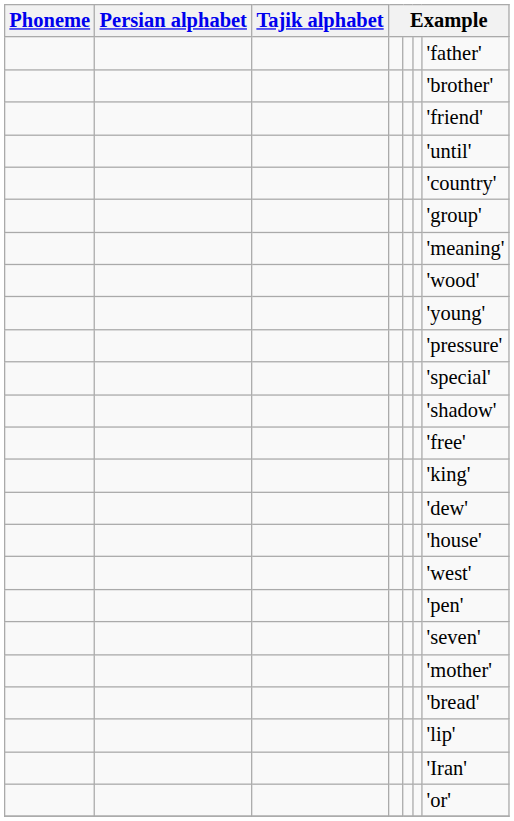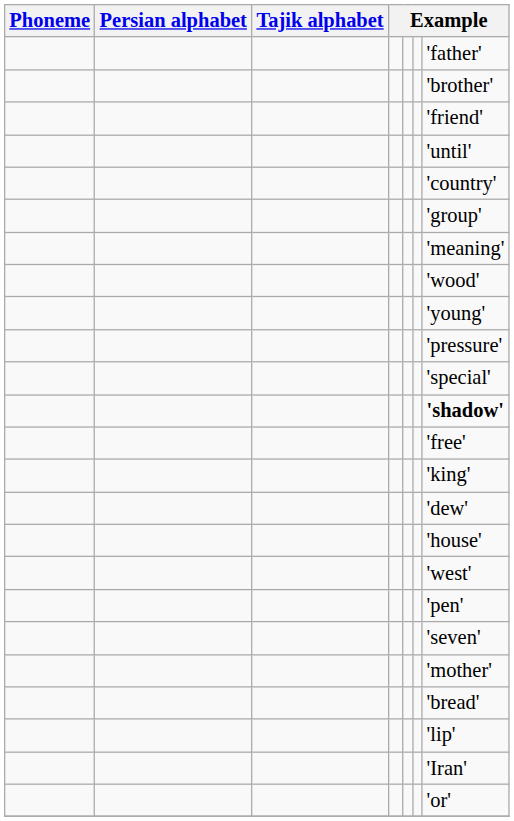 <table class="wikitable">
 <tr>
 <th><a href='#'>Phoneme</a></th>
 <th><a href='#'>Persian alphabet</a></th>
 <th><a href='#'>Tajik alphabet</a></th>
 <th colspan="4">Example</th>
 </tr>
 <tr>
 <td></td>
 <td></td>
 <td></td>
 <td>  </td>
 <td></td>
 <td></td>
 <td>'father'</td>
 </tr>
 <tr>
 <td></td>
 <td></td>
 <td></td>
 <td>  </td>
 <td></td>
 <td></td>
 <td>'brother'</td>
 </tr>
 <tr>
 <td></td>
 <td></td>
 <td></td>
 <td>  </td>
 <td></td>
 <td></td>
 <td>'friend'</td>
 </tr>
 <tr>
 <td></td>
 <td></td>
 <td></td>
 <td>  </td>
 <td></td>
 <td></td>
 <td>'until'</td>
 </tr>
 <tr>
 <td></td>
 <td></td>
 <td></td>
 <td>  </td>
 <td></td>
 <td></td>
 <td>'country'</td>
 </tr>
 <tr>
 <td></td>
 <td></td>
 <td></td>
 <td>  </td>
 <td></td>
 <td></td>
 <td>'group'</td>
 </tr>
 <tr>
 <td></td>
 <td></td>
 <td></td>
 <td>  </td>
 <td></td>
 <td></td>
 <td>'meaning'</td>
 </tr>
 <tr>
 <td></td>
 <td></td>
 <td></td>
 <td>  </td>
 <td></td>
 <td></td>
 <td>'wood'</td>
 </tr>
 <tr>
 <td></td>
 <td></td>
 <td></td>
 <td>  </td>
 <td></td>
 <td></td>
 <td>'young'</td>
 </tr>
 <tr>
 <td></td>
 <td></td>
 <td></td>
 <td>  </td>
 <td></td>
 <td></td>
 <td>'pressure'</td>
 </tr>
 <tr>
 <td></td>
 <td></td>
 <td></td>
 <td>  </td>
 <td></td>
 <td></td>
 <td>'special'</td>
 </tr>
 <tr>
 <td></td>
 <td></td>
 <td></td>
 <td>  </td>
 <td></td>
 <td></td>
-<td>'shadow'</td>
+<td><strong>'shadow'</strong></td>
 </tr>
 <tr>
 <td></td>
 <td></td>
 <td></td>
 <td>  </td>
 <td></td>
 <td></td>
 <td>'free'</td>
 </tr>
 <tr>
 <td></td>
 <td></td>
 <td></td>
 <td>  </td>
 <td></td>
 <td></td>
 <td>'king'</td>
 </tr>
 <tr>
 <td></td>
 <td></td>
 <td></td>
 <td>  </td>
 <td></td>
 <td></td>
 <td>'dew'</td>
 </tr>
 <tr>
 <td></td>
 <td></td>
 <td></td>
 <td>  </td>
 <td></td>
 <td></td>
 <td>'house'</td>
 </tr>
 <tr>
 <td></td>
 <td></td>
 <td></td>
 <td>  </td>
 <td></td>
 <td></td>
 <td>'west'</td>
 </tr>
 <tr>
 <td></td>
 <td></td>
 <td></td>
 <td>  </td>
 <td></td>
 <td></td>
 <td>'pen'</td>
 </tr>
 <tr>
 <td></td>
 <td></td>
 <td></td>
 <td>  </td>
 <td></td>
 <td></td>
 <td>'seven'</td>
 </tr>
 <tr>
 <td></td>
 <td></td>
 <td></td>
 <td>  </td>
 <td></td>
 <td></td>
 <td>'mother'</td>
 </tr>
 <tr>
 <td></td>
 <td></td>
 <td></td>
 <td>  </td>
 <td></td>
 <td></td>
 <td>'bread'</td>
 </tr>
 <tr>
 <td></td>
 <td></td>
 <td></td>
 <td>  </td>
 <td></td>
 <td></td>
 <td>'lip'</td>
 </tr>
 <tr>
 <td></td>
 <td></td>
 <td></td>
 <td>  </td>
 <td></td>
 <td></td>
 <td>'Iran'</td>
 </tr>
 <tr>
 <td></td>
 <td></td>
 <td></td>
 <td>  </td>
 <td></td>
 <td></td>
 <td>'or'</td>
 </tr>
 <tr>
 </tr>
 </table>
